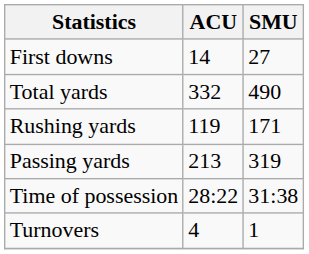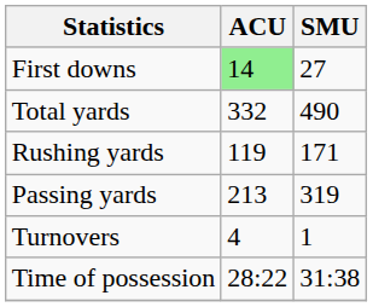 <table class="wikitable">
 <tr>
 <th>Statistics</th>
 <th>ACU</th>
 <th>SMU</th>
 </tr>
 <tr>
 <td>First downs</td>
-<td>14</td>
+<td style="background: lightgreen;">14</td>
 <td>27</td>
 </tr>
 <tr>
 <td>Total yards</td>
 <td>332</td>
 <td>490</td>
 </tr>
 <tr>
 <td>Rushing yards</td>
 <td>119</td>
 <td>171</td>
 </tr>
 <tr>
 <td>Passing yards</td>
 <td>213</td>
 <td>319</td>
 </tr>
 <tr>
+<td>Turnovers</td>
+<td>4</td>
+<td>1</td>
+</tr>
+<tr>
 <td>Time of possession</td>
 <td>28:22</td>
 <td>31:38</td>
 </tr>
 <tr>
-<td>Turnovers</td>
-<td>4</td>
-<td>1</td>
-</tr>
-<tr>
 </tr>
 </table>
